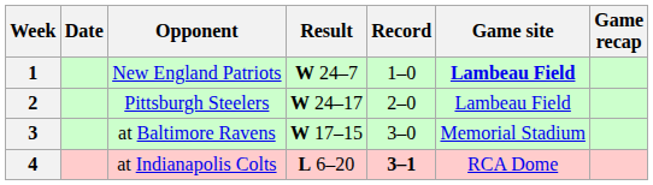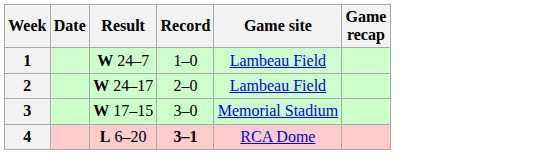 <table class="wikitable" style="text-align:center">
 <tr>
 <th>Week</th>
 <th>Date</th>
-<th>Opponent</th>
 <th>Result</th>
 <th>Record</th>
 <th>Game site</th>
 <th>Game<br>recap</th>
 </tr>
 <tr style="background:#cfc">
 <th>1</th>
 <td></td>
-<td><a href='#'>New England Patriots</a></td>
 <td><strong>W</strong> 24–7</td>
 <td>1–0</td>
-<td><strong><a href='#'>Lambeau Field</a></strong></td>
+<td><a href='#'>Lambeau Field</a></td>
 <td></td>
 </tr>
 <tr style="background:#cfc">
 <th>2</th>
 <td></td>
-<td><a href='#'>Pittsburgh Steelers</a></td>
 <td><strong>W</strong> 24–17</td>
 <td>2–0</td>
 <td><a href='#'>Lambeau Field</a></td>
 <td></td>
 </tr>
 <tr style="background:#cfc">
 <th>3</th>
 <td></td>
-<td>at <a href='#'>Baltimore Ravens</a></td>
 <td><strong>W</strong> 17–15</td>
 <td>3–0</td>
 <td><a href='#'>Memorial Stadium</a></td>
 <td></td>
 </tr>
 <tr style="background:#fcc">
 <th>4</th>
 <td></td>
-<td>at <a href='#'>Indianapolis Colts</a></td>
 <td><strong>L</strong> 6–20</td>
 <td><strong>3–1</strong></td>
 <td><a href='#'>RCA Dome</a></td>
 <td></td>
 </tr>
 </table>
